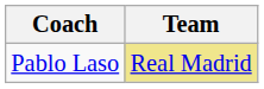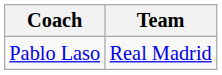 <table class="wikitable">
 <tr>
 <th align="center">Coach</th>
 <th align="center">Team</th>
 </tr>
 <tr>
 <td> <a href='#'>Pablo Laso</a></td>
-<td style="background: khaki;"><a href='#'>Real Madrid</a></td>
+<td><a href='#'>Real Madrid</a></td>
 </tr>
 </table>
